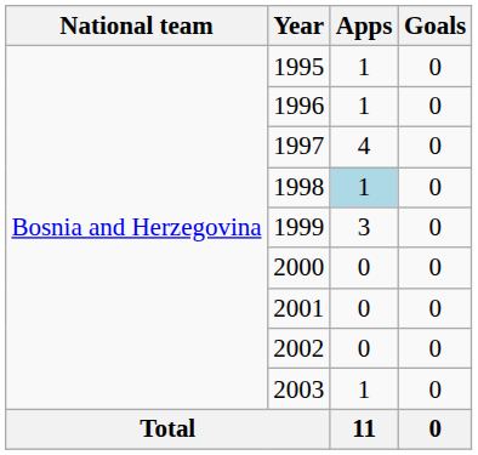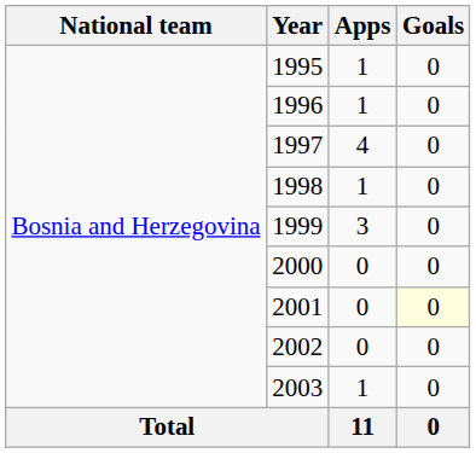 <table class="wikitable" style="text-align:center">
 <tr>
 <th>National team</th>
 <th>Year</th>
 <th>Apps</th>
 <th>Goals</th>
 </tr>
 <tr>
 <td rowspan="9"><a href='#'>Bosnia and Herzegovina</a></td>
 <td>1995</td>
 <td>1</td>
 <td>0</td>
 </tr>
 <tr>
 <td>1996</td>
 <td>1</td>
 <td>0</td>
 </tr>
 <tr>
 <td>1997</td>
 <td>4</td>
 <td>0</td>
 </tr>
 <tr>
 <td>1998</td>
-<td style="background: lightblue;">1</td>
+<td>1</td>
 <td>0</td>
 </tr>
 <tr>
 <td>1999</td>
 <td>3</td>
 <td>0</td>
 </tr>
 <tr>
 <td>2000</td>
 <td>0</td>
 <td>0</td>
 </tr>
 <tr>
 <td>2001</td>
 <td>0</td>
-<td>0</td>
+<td style="background: lightyellow;">0</td>
 </tr>
 <tr>
 <td>2002</td>
 <td>0</td>
 <td>0</td>
 </tr>
 <tr>
 <td>2003</td>
 <td>1</td>
 <td>0</td>
 </tr>
 <tr>
 <th colspan="2">Total</th>
 <th>11</th>
 <th>0</th>
 </tr>
 </table>
